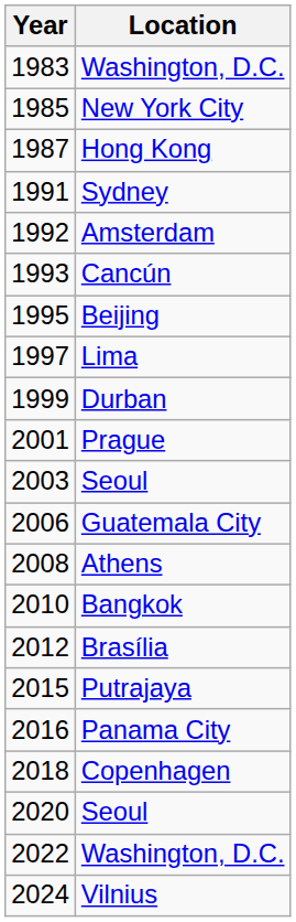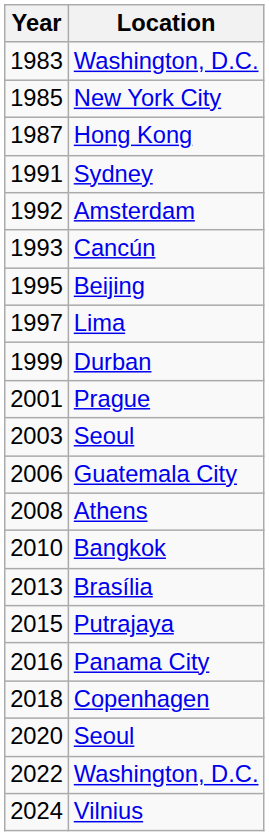 <table class="wikitable">
 <tr>
 <th>Year</th>
 <th>Location</th>
 </tr>
 <tr>
 <td>1983</td>
 <td><a href='#'>Washington, D.C.</a></td>
 </tr>
 <tr>
 <td>1985</td>
 <td><a href='#'>New York City</a></td>
 </tr>
 <tr>
 <td>1987</td>
 <td><a href='#'>Hong Kong</a></td>
 </tr>
 <tr>
 <td>1991</td>
 <td><a href='#'>Sydney</a></td>
 </tr>
 <tr>
 <td>1992</td>
 <td><a href='#'>Amsterdam</a></td>
 </tr>
 <tr>
 <td>1993</td>
 <td><a href='#'>Cancún</a></td>
 </tr>
 <tr>
 <td>1995</td>
 <td><a href='#'>Beijing</a></td>
 </tr>
 <tr>
 <td>1997</td>
 <td><a href='#'>Lima</a></td>
 </tr>
 <tr>
 <td>1999</td>
 <td><a href='#'>Durban</a></td>
 </tr>
 <tr>
 <td>2001</td>
 <td><a href='#'>Prague</a></td>
 </tr>
 <tr>
 <td>2003</td>
 <td><a href='#'>Seoul</a></td>
 </tr>
 <tr>
 <td>2006</td>
 <td><a href='#'>Guatemala City</a></td>
 </tr>
 <tr>
 <td>2008</td>
 <td><a href='#'>Athens</a></td>
 </tr>
 <tr>
 <td>2010</td>
 <td><a href='#'>Bangkok</a></td>
 </tr>
 <tr>
-<td>2012</td>
+<td>2013</td>
 <td><a href='#'>Brasília</a></td>
 </tr>
 <tr>
 <td>2015</td>
 <td><a href='#'>Putrajaya</a></td>
 </tr>
 <tr>
 <td>2016</td>
 <td><a href='#'>Panama City</a></td>
 </tr>
 <tr>
 <td>2018</td>
 <td><a href='#'>Copenhagen</a></td>
 </tr>
 <tr>
 <td>2020</td>
 <td><a href='#'>Seoul</a></td>
 </tr>
 <tr>
 <td>2022</td>
 <td><a href='#'>Washington, D.C.</a></td>
 </tr>
 <tr>
 <td>2024</td>
 <td><a href='#'>Vilnius</a></td>
 </tr>
 </table>
